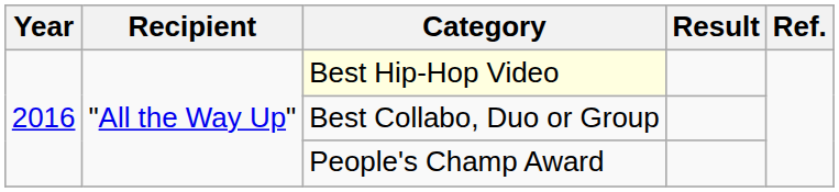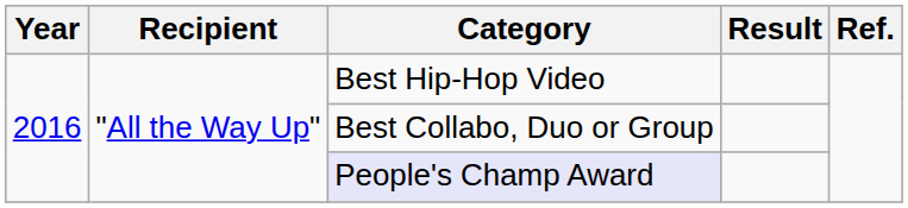 <table class="wikitable">
 <tr>
 <th>Year</th>
 <th>Recipient</th>
 <th>Category</th>
 <th>Result</th>
 <th>Ref.</th>
 </tr>
 <tr>
 <td rowspan="3"><a href='#'>2016</a></td>
 <td rowspan="3">"<a href='#'>All the Way Up</a>"</td>
-<td style="background: lightyellow;">Best Hip-Hop Video</td>
+<td>Best Hip-Hop Video</td>
 <td></td>
 <td rowspan="3"></td>
 </tr>
 <tr>
 <td>Best Collabo, Duo or Group</td>
 <td></td>
 </tr>
 <tr>
-<td>People's Champ Award</td>
+<td style="background: lavender;">People's Champ Award</td>
 <td></td>
 </tr>
 </table>
